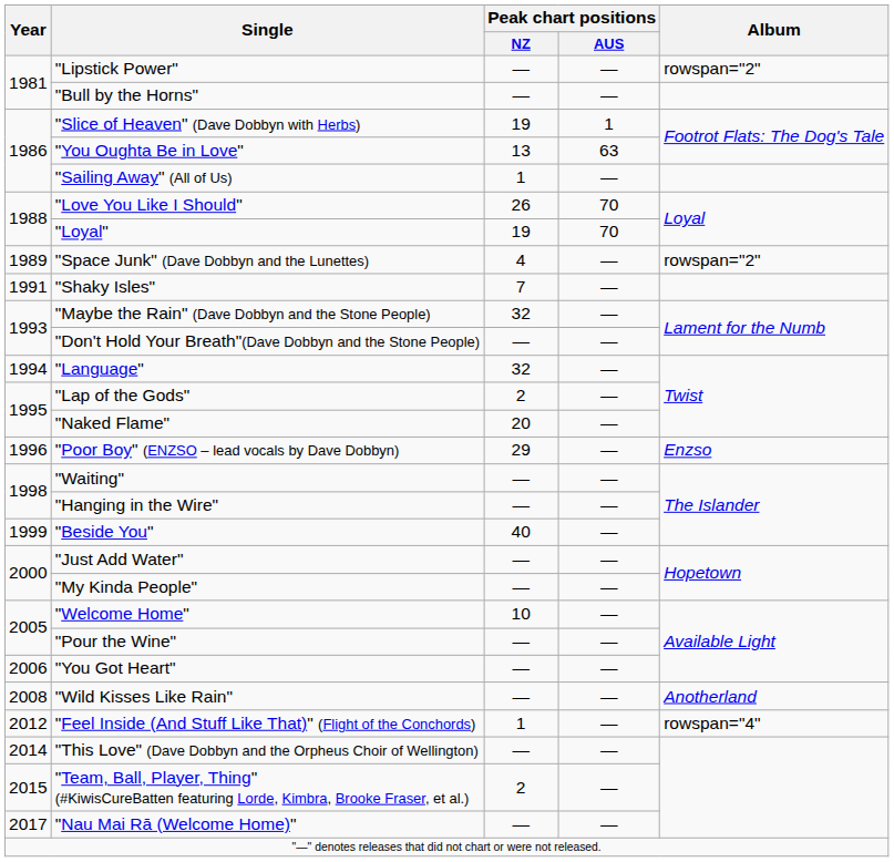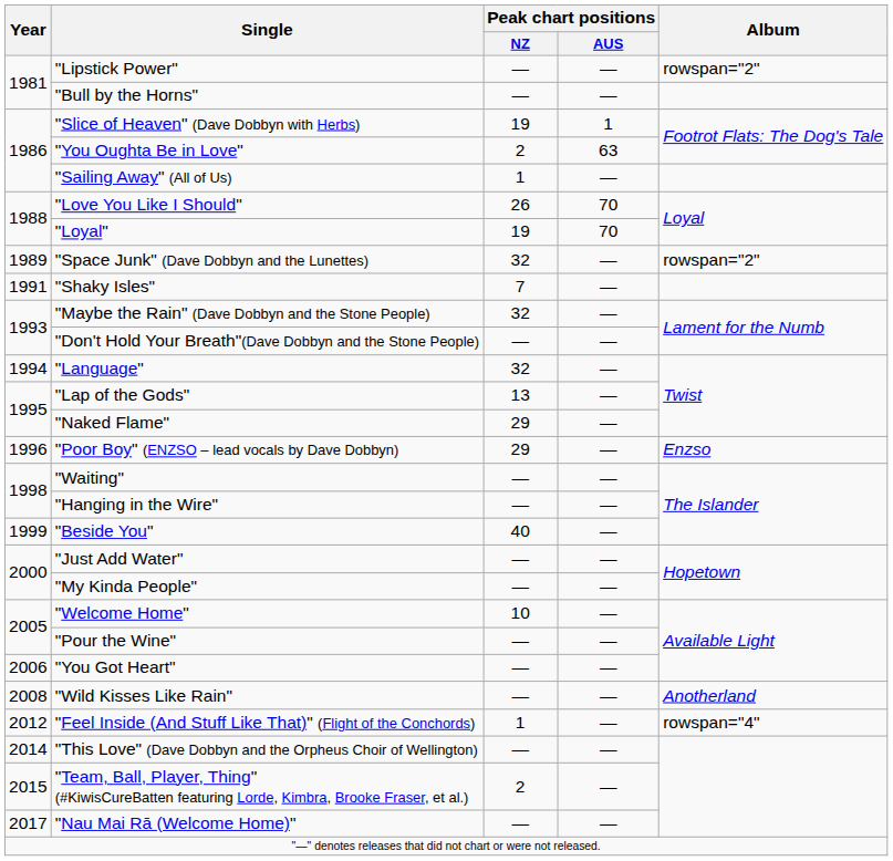 <table class="wikitable plainrowheaders">
 <tr>
 <th rowspan="2">Year</th>
 <th rowspan="2">Single</th>
 <th colspan="2">Peak chart positions</th>
 <th rowspan="2">Album</th>
 </tr>
 <tr style="font-size:smaller;">
 <th><a href='#'>NZ</a></th>
 <th><a href='#'>AUS</a></th>
 </tr>
 <tr>
 <td rowspan="2">1981</td>
 <td>"Lipstick Power"</td>
 <td align=center>—</td>
 <td align=center>—</td>
 <td>rowspan="2" </td>
 </tr>
 <tr>
 <td>"Bull by the Horns"</td>
 <td align=center>—</td>
 <td align=center>—</td>
 </tr>
 <tr>
 <td rowspan="3">1986</td>
 <td>"<a href='#'>Slice of Heaven</a>" <small>(Dave Dobbyn with <a href='#'>Herbs</a>)</small></td>
 <td align=center>19</td>
 <td align=center>1</td>
 <td rowspan="2"><em><a href='#'>Footrot Flats: The Dog's Tale</a></em></td>
 </tr>
 <tr>
 <td>"<a href='#'>You Oughta Be in Love</a>"</td>
-<td align=center>13</td>
+<td align=center>2</td>
 <td align=center>63</td>
 </tr>
 <tr>
 <td>"<a href='#'>Sailing Away</a>" <small>(All of Us)</small></td>
 <td align=center>1</td>
 <td align=center>—</td>
 <td></td>
 </tr>
 <tr>
 <td rowspan="2">1988</td>
 <td>"<a href='#'>Love You Like I Should</a>"</td>
 <td align=center>26</td>
 <td align=center>70</td>
 <td rowspan="2"><em><a href='#'>Loyal</a></em></td>
 </tr>
 <tr>
 <td>"<a href='#'>Loyal</a>"</td>
 <td align=center>19</td>
 <td align=center>70</td>
 </tr>
 <tr>
 <td>1989</td>
 <td>"Space Junk" <small>(Dave Dobbyn and the Lunettes)</small></td>
-<td align=center>4</td>
+<td align=center>32</td>
 <td align=center>—</td>
 <td>rowspan="2" </td>
 </tr>
 <tr>
 <td>1991</td>
 <td>"Shaky Isles"</td>
 <td align=center>7</td>
 <td align=center>—</td>
 </tr>
 <tr>
 <td rowspan=2>1993</td>
 <td>"Maybe the Rain" <small>(Dave Dobbyn and the Stone People)</small></td>
 <td align=center>32</td>
 <td align=center>—</td>
 <td rowspan=2><em><a href='#'>Lament for the Numb</a></em></td>
 </tr>
 <tr>
 <td>"Don't Hold Your Breath"<small>(Dave Dobbyn and the Stone People)</small></td>
 <td align=center>—</td>
 <td align=center>—</td>
 </tr>
 <tr>
 <td>1994</td>
 <td>"<a href='#'>Language</a>"</td>
 <td align=center>32</td>
 <td align=center>—</td>
 <td rowspan="3"><em><a href='#'>Twist</a></em></td>
 </tr>
 <tr>
 <td rowspan="2">1995</td>
 <td>"Lap of the Gods"</td>
-<td align=center>2</td>
+<td align=center>13</td>
 <td align=center>—</td>
 </tr>
 <tr>
 <td>"Naked Flame"</td>
-<td align=center>20</td>
+<td align=center>29</td>
 <td align=center>—</td>
 </tr>
 <tr>
 <td>1996</td>
 <td>"<a href='#'>Poor Boy</a>" <small>(<a href='#'>ENZSO</a> – lead vocals by Dave Dobbyn)</small></td>
 <td align=center>29</td>
 <td align=center>—</td>
 <td><em><a href='#'>Enzso</a></em></td>
 </tr>
 <tr>
 <td rowspan=2>1998</td>
 <td>"Waiting"</td>
 <td align=center>—</td>
 <td align=center>—</td>
 <td rowspan=3><em><a href='#'>The Islander</a></em></td>
 </tr>
 <tr>
 <td>"Hanging in the Wire"</td>
 <td align=center>—</td>
 <td align=center>—</td>
 </tr>
 <tr>
 <td>1999</td>
 <td>"<a href='#'>Beside You</a>"</td>
 <td align=center>40</td>
 <td align=center>—</td>
 </tr>
 <tr>
 <td rowspan=2>2000</td>
 <td>"Just Add Water"</td>
 <td align=center>—</td>
 <td align=center>—</td>
 <td rowspan=2><em><a href='#'>Hopetown</a></em></td>
 </tr>
 <tr>
 <td>"My Kinda People"</td>
 <td align=center>—</td>
 <td align=center>—</td>
 </tr>
 <tr>
 <td rowspan=2>2005</td>
 <td>"<a href='#'>Welcome Home</a>"</td>
 <td align=center>10</td>
 <td align=center>—</td>
 <td rowspan=3><em><a href='#'>Available Light</a></em></td>
 </tr>
 <tr>
 <td>"Pour the Wine"</td>
 <td align=center>—</td>
 <td align=center>—</td>
 </tr>
 <tr>
 <td>2006</td>
 <td>"You Got Heart"</td>
 <td align=center>—</td>
 <td align=center>—</td>
 </tr>
 <tr>
 <td>2008</td>
 <td>"Wild Kisses Like Rain"</td>
 <td align=center>—</td>
 <td align=center>—</td>
 <td><em><a href='#'>Anotherland</a></em></td>
 </tr>
 <tr>
 <td>2012</td>
 <td>"<a href='#'>Feel Inside (And Stuff Like That)</a>" <small>(<a href='#'>Flight of the Conchords</a>)</small></td>
 <td align=center>1</td>
 <td align=center>—</td>
 <td>rowspan="4" </td>
 </tr>
 <tr>
 <td>2014</td>
 <td>"This Love" <small>(Dave Dobbyn and the Orpheus Choir of Wellington)</small></td>
 <td align=center>—</td>
 <td align=center>—</td>
 </tr>
 <tr>
 <td>2015</td>
 <td>"<a href='#'>Team, Ball, Player, Thing</a>"<br><small>(#KiwisCureBatten featuring <a href='#'>Lorde</a>, <a href='#'>Kimbra</a>, <a href='#'>Brooke Fraser</a>, et al.)</small></td>
 <td align=center>2</td>
 <td align=center>—</td>
 </tr>
 <tr>
 <td>2017</td>
 <td>"<a href='#'>Nau Mai Rā (Welcome Home)</a>"</td>
 <td align=center>—</td>
 <td align=center>—</td>
 </tr>
 <tr>
 <td colspan="20" style="font-size:8pt" align=center>"—" denotes releases that did not chart or were not released.</td>
 </tr>
 </table>
